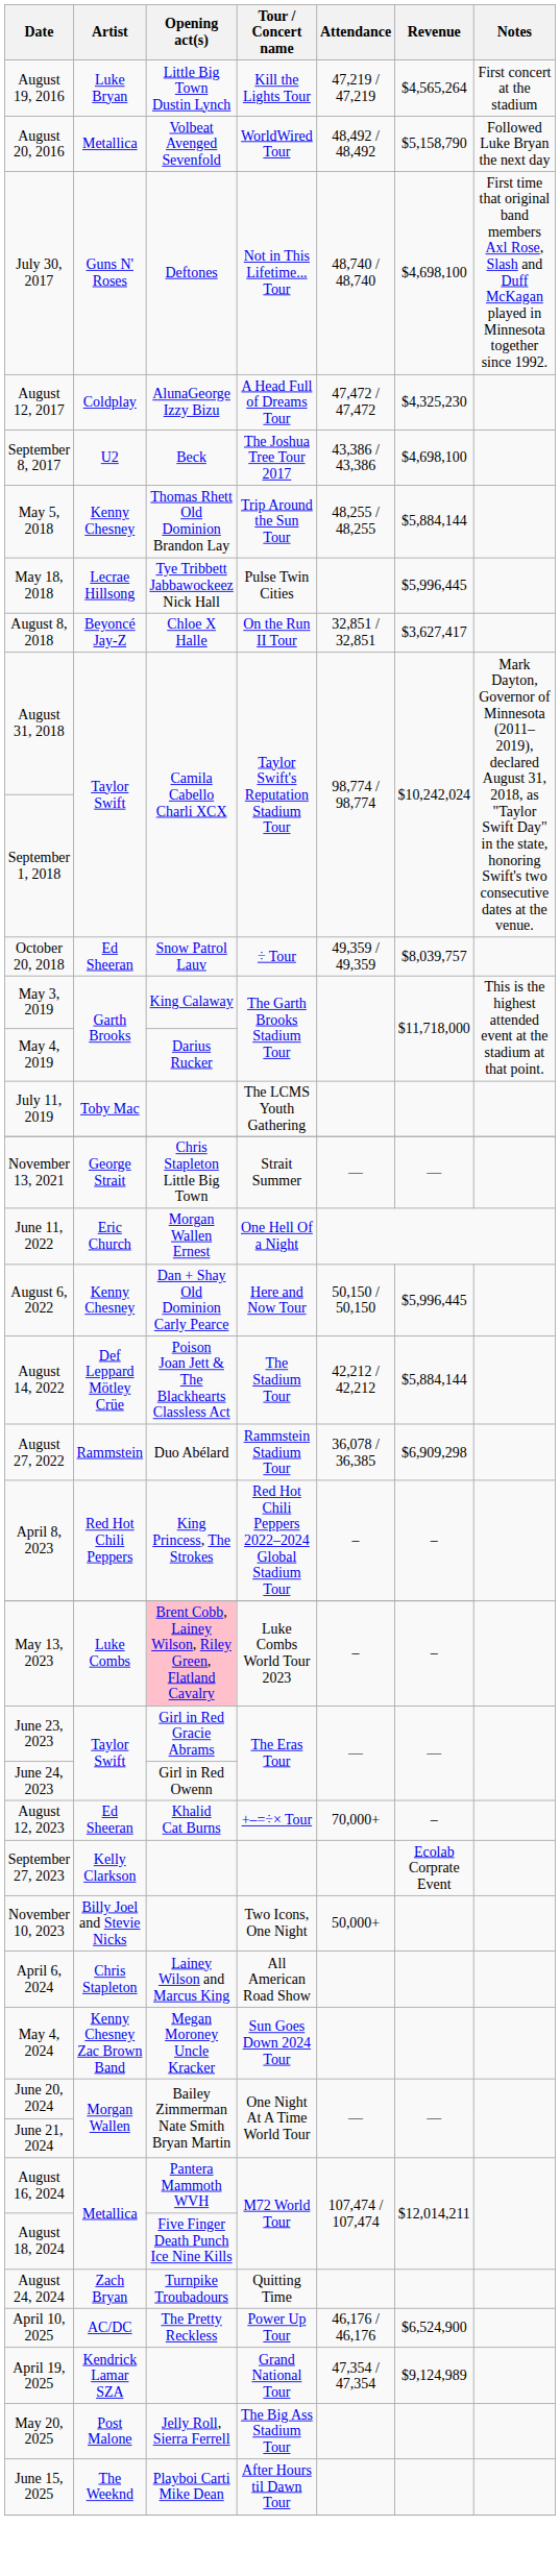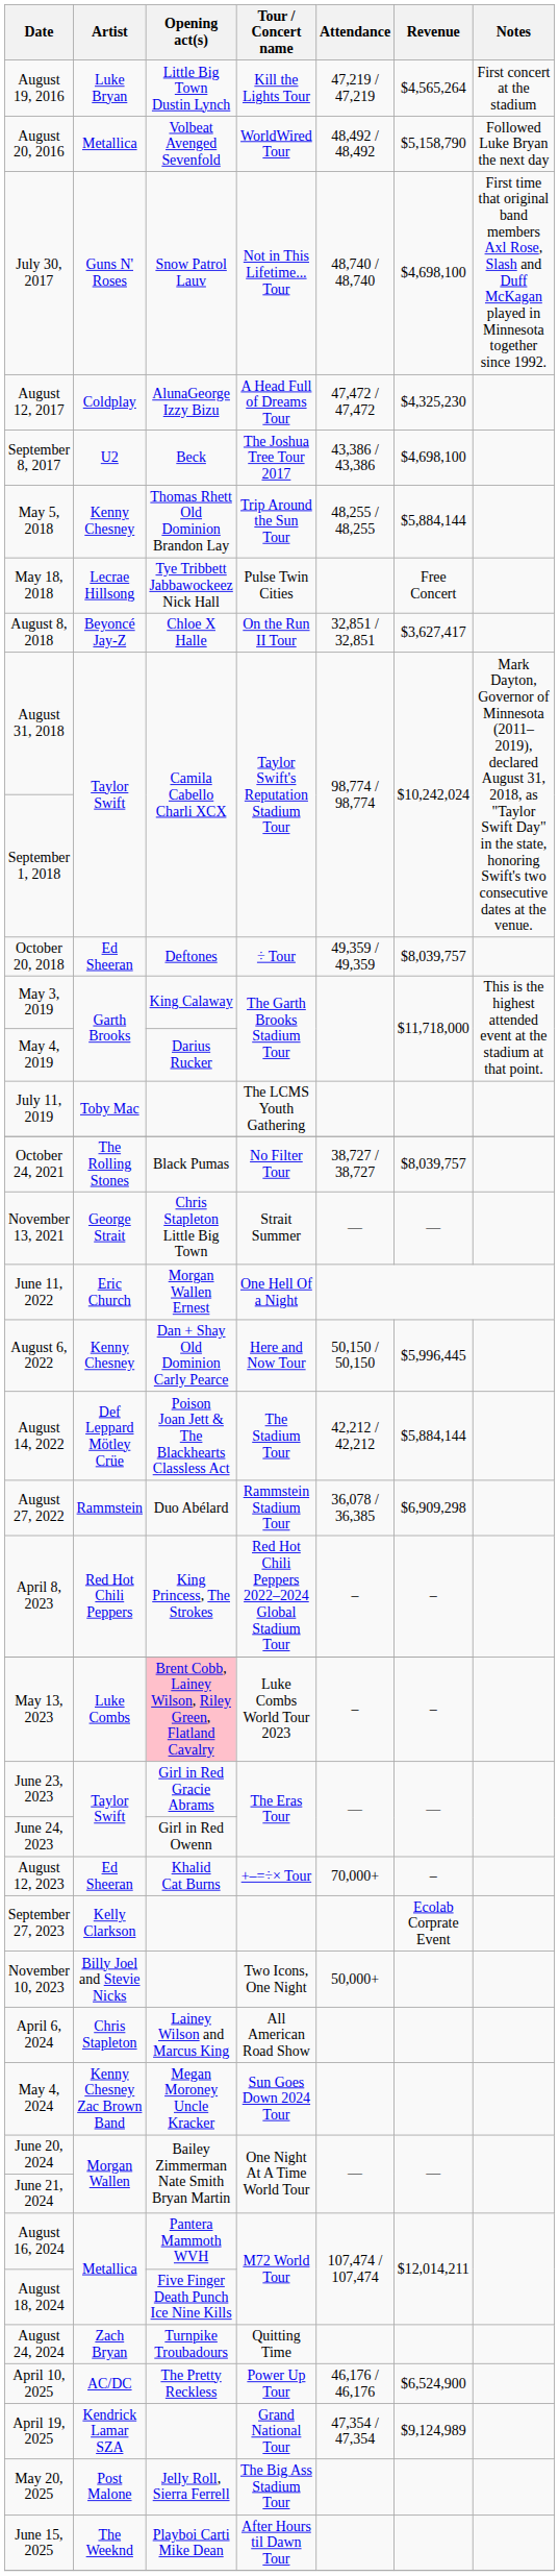 <table class="wikitable" style="text-align:center;">
 <tr>
 <th width=12% style="text-align:center;">Date</th>
 <th width=10% style="text-align:center;">Artist</th>
 <th width=10% style="text-align:center;">Opening act(s)</th>
 <th width=16% style="text-align:center;">Tour / Concert name</th>
 <th width=10% style="text-align:center;">Attendance</th>
 <th width=10% style="text-align:center;">Revenue</th>
 <th width=20% style="text-align:center;">Notes</th>
 </tr>
 <tr>
 <td>August 19, 2016</td>
 <td><a href='#'>Luke Bryan</a></td>
 <td><a href='#'>Little Big Town</a><br><a href='#'>Dustin Lynch</a></td>
 <td><a href='#'>Kill the Lights Tour</a></td>
 <td>47,219 / 47,219</td>
 <td>$4,565,264</td>
 <td>First concert at the stadium</td>
 </tr>
 <tr>
 <td>August 20, 2016</td>
 <td><a href='#'>Metallica</a></td>
 <td><a href='#'>Volbeat</a><br><a href='#'>Avenged Sevenfold</a></td>
 <td><a href='#'>WorldWired Tour</a></td>
 <td>48,492	/ 48,492</td>
 <td>$5,158,790</td>
 <td>Followed Luke Bryan the next day</td>
 </tr>
 <tr>
 <td>July 30, 2017</td>
 <td><a href='#'>Guns N' Roses</a></td>
-<td><a href='#'>Deftones</a></td>
+<td><a href='#'>Snow Patrol</a><br><a href='#'>Lauv</a></td>
 <td><a href='#'>Not in This Lifetime... Tour</a></td>
 <td>48,740 / 48,740</td>
 <td>$4,698,100</td>
 <td>First time that original band members <a href='#'>Axl Rose</a>, <a href='#'>Slash</a> and <a href='#'>Duff McKagan</a> played in Minnesota together since 1992.</td>
 </tr>
 <tr>
 <td>August 12, 2017</td>
 <td><a href='#'>Coldplay</a></td>
 <td><a href='#'>AlunaGeorge</a><br><a href='#'>Izzy Bizu</a></td>
 <td><a href='#'>A Head Full of Dreams Tour</a></td>
 <td>47,472 / 47,472</td>
 <td>$4,325,230</td>
 <td></td>
 </tr>
 <tr>
 <td>September 8, 2017</td>
 <td><a href='#'>U2</a></td>
 <td><a href='#'>Beck</a></td>
 <td><a href='#'>The Joshua Tree Tour 2017</a></td>
 <td>43,386 / 43,386</td>
 <td>$4,698,100</td>
 <td></td>
 </tr>
 <tr>
 <td>May 5, 2018</td>
 <td><a href='#'>Kenny Chesney</a></td>
 <td><a href='#'>Thomas Rhett</a><br><a href='#'>Old Dominion</a><br>Brandon Lay</td>
 <td><a href='#'>Trip Around the Sun Tour</a></td>
 <td>48,255 / 48,255</td>
 <td rowspan="1">$5,884,144</td>
 <td></td>
 </tr>
 <tr>
 <td>May 18, 2018</td>
 <td><a href='#'>Lecrae</a> <br> <a href='#'>Hillsong</a></td>
 <td><a href='#'>Tye Tribbett</a><br><a href='#'>Jabbawockeez</a> <br> Nick Hall</td>
 <td>Pulse Twin Cities</td>
 <td></td>
-<td>$5,996,445</td>
+<td>Free Concert</td>
 <td></td>
 </tr>
 <tr>
 <td>August 8, 2018</td>
 <td><a href='#'>Beyoncé</a><br><a href='#'>Jay-Z</a></td>
 <td><a href='#'>Chloe X Halle</a></td>
 <td><a href='#'>On the Run II Tour</a></td>
 <td>32,851 / 32,851</td>
 <td>$3,627,417</td>
 <td></td>
 </tr>
 <tr>
 <td>August 31, 2018</td>
 <td rowspan="2"><a href='#'>Taylor Swift</a></td>
 <td rowspan="2"><a href='#'>Camila Cabello</a><br><a href='#'>Charli XCX</a></td>
 <td rowspan="2"><a href='#'>Taylor Swift's Reputation Stadium Tour</a></td>
 <td rowspan="2">98,774 / 98,774</td>
 <td rowspan="2">$10,242,024</td>
 <td rowspan="2">Mark Dayton, Governor of Minnesota (2011–2019), declared August 31, 2018, as "Taylor Swift Day" in the state, honoring Swift's two consecutive dates at the venue.</td>
 </tr>
 <tr>
 <td>September 1, 2018</td>
 </tr>
 <tr>
 <td>October 20, 2018</td>
 <td><a href='#'>Ed Sheeran</a></td>
-<td><a href='#'>Snow Patrol</a><br><a href='#'>Lauv</a></td>
+<td><a href='#'>Deftones</a></td>
 <td><a href='#'>÷ Tour</a></td>
 <td>49,359 / 49,359</td>
 <td rowspan="1">$8,039,757</td>
 <td></td>
 </tr>
 <tr>
 <td>May 3, 2019</td>
 <td rowspan="2"><a href='#'>Garth Brooks</a></td>
 <td rowspan="1"><a href='#'>King Calaway</a></td>
 <td rowspan="2"><a href='#'>The Garth Brooks Stadium Tour</a></td>
 <td rowspan="2"></td>
 <td rowspan="2">$11,718,000</td>
 <td rowspan="2">This is the highest attended event at the stadium at that point.</td>
 </tr>
 <tr>
 <td>May 4, 2019</td>
 <td><a href='#'>Darius Rucker</a></td>
 </tr>
 <tr>
 <td>July 11, 2019</td>
 <td><a href='#'>Toby Mac</a></td>
 <td></td>
 <td>The LCMS Youth Gathering</td>
 <td></td>
 <td></td>
 <td></td>
 </tr>
 <tr>
+</tr>
+<tr>
+<td>October 24, 2021</td>
+<td rowspan="1"><a href='#'>The Rolling Stones</a></td>
+<td rowspan="1">Black Pumas</td>
+<td rowspan="1"><a href='#'>No Filter Tour</a></td>
+<td rowspan="1">38,727 / 38,727</td>
+<td rowspan="1">$8,039,757</td>
+<td rowspan="1"></td>
 </tr>
 <tr>
 <td>November 13, 2021</td>
 <td rowspan="1"><a href='#'>George Strait</a></td>
 <td rowspan="1"><a href='#'>Chris Stapleton</a><br>Little Big Town</td>
 <td rowspan="1">Strait Summer</td>
 <td rowspan="1">—</td>
 <td rowspan="1">—</td>
 <td rowspan="1"></td>
 </tr>
 <tr>
 <td>June 11, 2022</td>
 <td><a href='#'>Eric Church</a></td>
 <td><a href='#'>Morgan Wallen</a><br><a href='#'>Ernest</a></td>
 <td><a href='#'>One Hell Of a Night</a></td>
 </tr>
 <tr>
 <td>August 6, 2022</td>
 <td><a href='#'>Kenny Chesney</a></td>
 <td><a href='#'>Dan + Shay</a><br><a href='#'>Old Dominion</a><br><a href='#'>Carly Pearce</a></td>
 <td><a href='#'>Here and Now Tour</a></td>
 <td>50,150 / 50,150</td>
 <td>$5,996,445</td>
 <td></td>
 </tr>
 <tr>
 <td>August 14, 2022</td>
 <td rowspan="1"><a href='#'>Def Leppard</a><br><a href='#'>Mötley Crüe</a></td>
 <td rowspan="1"><a href='#'>Poison</a><br><a href='#'>Joan Jett & The Blackhearts</a><br><a href='#'>Classless Act</a></td>
 <td rowspan="1"><a href='#'>The Stadium Tour</a></td>
 <td rowspan="1">42,212 / 42,212</td>
 <td rowspan="1">$5,884,144</td>
 <td rowspan="1"></td>
 </tr>
 <tr>
 <td>August 27, 2022</td>
 <td rowspan="1"><a href='#'>Rammstein</a></td>
 <td rowspan="1">Duo Abélard</td>
 <td rowspan="1"><a href='#'>Rammstein Stadium Tour</a></td>
 <td rowspan="1">36,078 / 36,385</td>
 <td rowspan="1">$6,909,298</td>
 <td rowspan="1"></td>
 </tr>
 <tr>
 <td>April 8, 2023</td>
 <td><a href='#'>Red Hot Chili Peppers</a></td>
 <td><a href='#'>King Princess</a>, <a href='#'>The Strokes</a></td>
 <td><a href='#'>Red Hot Chili Peppers 2022–2024 Global Stadium Tour</a></td>
 <td>–</td>
 <td>–</td>
 <td></td>
 </tr>
 <tr>
 </tr>
 <tr>
 <td>May 13, 2023</td>
 <td><a href='#'>Luke Combs</a></td>
 <td style="background: pink;"><a href='#'>Brent Cobb</a>, <a href='#'>Lainey Wilson</a>, <a href='#'>Riley Green</a>, <a href='#'>Flatland Cavalry</a></td>
 <td>Luke Combs World Tour 2023</td>
 <td>–</td>
 <td>–</td>
 </tr>
 <tr>
 <td>June 23, 2023</td>
 <td rowspan="2"><a href='#'>Taylor Swift</a></td>
 <td><a href='#'>Girl in Red</a><br><a href='#'>Gracie Abrams</a></td>
 <td rowspan="2"><a href='#'>The Eras Tour</a></td>
 <td rowspan="2">—</td>
 <td rowspan="2">—</td>
 <td rowspan="2"></td>
 </tr>
 <tr>
 <td>June 24, 2023</td>
 <td>Girl in Red<br>Owenn</td>
 </tr>
 <tr>
 <td>August 12, 2023</td>
 <td><a href='#'>Ed Sheeran</a></td>
 <td><a href='#'>Khalid</a><br><a href='#'>Cat Burns</a></td>
 <td><a href='#'>+–=÷× Tour</a></td>
 <td>70,000+</td>
 <td>–</td>
 <td></td>
 </tr>
 <tr>
 <td>September 27, 2023</td>
 <td><a href='#'>Kelly Clarkson</a></td>
 <td></td>
 <td></td>
 <td></td>
 <td><a href='#'>Ecolab</a> Corprate Event</td>
 <td></td>
 </tr>
 <tr>
 <td>November 10, 2023</td>
 <td><a href='#'>Billy Joel</a> and <a href='#'>Stevie Nicks</a></td>
 <td></td>
 <td>Two Icons, One Night</td>
 <td>50,000+</td>
 <td></td>
 </tr>
 <tr>
 <td>April 6, 2024</td>
 <td><a href='#'>Chris Stapleton</a></td>
 <td><a href='#'>Lainey Wilson</a> and <a href='#'>Marcus King</a></td>
 <td>All American Road Show</td>
 <td></td>
 <td></td>
 <td></td>
 </tr>
 <tr>
 <td>May 4, 2024</td>
 <td><a href='#'>Kenny Chesney</a><br><a href='#'>Zac Brown Band</a></td>
 <td><a href='#'>Megan Moroney</a><br><a href='#'>Uncle Kracker</a></td>
 <td><a href='#'>Sun Goes Down 2024 Tour</a></td>
 <td></td>
 <td></td>
 <td></td>
 </tr>
 <tr>
 <td>June 20, 2024</td>
 <td rowspan="2"><a href='#'>Morgan Wallen</a></td>
 <td rowspan="2">Bailey Zimmerman<br>Nate Smith<br>Bryan Martin</td>
 <td rowspan="2">One Night At A Time World Tour</td>
 <td rowspan="2">—</td>
 <td rowspan="2">—</td>
 <td rowspan="2"></td>
 </tr>
 <tr>
 <td>June 21, 2024</td>
 </tr>
 <tr>
 <td>August 16, 2024</td>
 <td rowspan="2"><a href='#'>Metallica</a></td>
 <td><a href='#'>Pantera</a><br><a href='#'>Mammoth WVH</a></td>
 <td rowspan="2"><a href='#'>M72 World Tour</a></td>
 <td rowspan="2">107,474 / 107,474</td>
 <td rowspan="2">$12,014,211</td>
 <td rowspan="2"></td>
 </tr>
 <tr>
 <td>August 18, 2024</td>
 <td><a href='#'>Five Finger Death Punch</a><br><a href='#'>Ice Nine Kills</a></td>
 </tr>
 <tr>
 <td>August 24, 2024</td>
 <td><a href='#'>Zach Bryan</a></td>
 <td><a href='#'>Turnpike Troubadours</a></td>
 <td>Quitting Time</td>
 <td></td>
 <td></td>
 <td></td>
 </tr>
 <tr>
 <td>April 10, 2025</td>
 <td><a href='#'>AC/DC</a></td>
 <td><a href='#'>The Pretty Reckless</a></td>
 <td><a href='#'>Power Up Tour</a></td>
 <td>46,176 / 46,176</td>
 <td>$6,524,900</td>
 <td></td>
 </tr>
 <tr>
 <td>April 19, 2025</td>
 <td><a href='#'>Kendrick Lamar</a><br><a href='#'>SZA</a></td>
 <td></td>
 <td><a href='#'>Grand National Tour</a></td>
 <td>47,354 / 47,354</td>
 <td>$9,124,989</td>
 <td></td>
 </tr>
 <tr>
 <td>May 20, 2025</td>
 <td><a href='#'>Post Malone</a></td>
 <td><a href='#'>Jelly Roll</a>, <a href='#'>Sierra Ferrell</a></td>
 <td><a href='#'>The Big Ass Stadium Tour</a></td>
 <td></td>
 <td></td>
 <td></td>
 </tr>
 <tr>
 <td>June 15, 2025</td>
 <td><a href='#'>The Weeknd</a></td>
 <td><a href='#'>Playboi Carti</a><br><a href='#'>Mike Dean</a></td>
 <td><a href='#'>After Hours til Dawn Tour</a></td>
 <td></td>
 <td></td>
 <td></td>
 </tr>
 <tr>
 </tr>
 </table>
